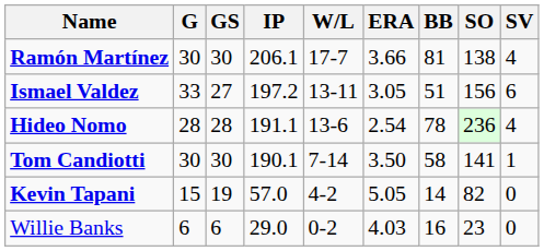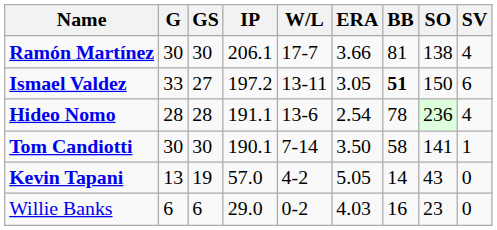 <table class="wikitable sortable" style="text-align:left">
 <tr>
 <th>Name</th>
 <th>G</th>
 <th>GS</th>
 <th>IP</th>
 <th>W/L</th>
 <th>ERA</th>
 <th>BB</th>
 <th>SO</th>
 <th>SV</th>
 </tr>
 <tr>
 <td><strong><a href='#'>Ramón Martínez</a>	</strong></td>
 <td>30</td>
 <td>30</td>
 <td>206.1</td>
 <td>17-7</td>
 <td>3.66</td>
 <td>81</td>
 <td>138</td>
 <td>4</td>
 </tr>
 <tr>
 <td><strong><a href='#'>Ismael Valdez</a>	</strong></td>
 <td>33</td>
 <td>27</td>
 <td>197.2</td>
 <td>13-11</td>
 <td>3.05</td>
-<td>51</td>
-<td>156</td>
+<td><strong>51</strong></td>
+<td>150</td>
 <td>6</td>
 </tr>
 <tr>
 <td><strong><a href='#'>Hideo Nomo</a>	</strong></td>
 <td>28</td>
 <td>28</td>
 <td>191.1</td>
 <td>13-6</td>
 <td>2.54</td>
 <td>78</td>
 <td style="background:#DDFFDD;">236</td>
 <td>4</td>
 </tr>
 <tr>
 <td><strong><a href='#'>Tom Candiotti</a>	</strong></td>
 <td>30</td>
 <td>30</td>
 <td>190.1</td>
 <td>7-14</td>
 <td>3.50</td>
 <td>58</td>
 <td>141</td>
 <td>1</td>
 </tr>
 <tr>
 <td><strong><a href='#'>Kevin Tapani</a></strong></td>
-<td>15</td>
+<td>13</td>
 <td>19</td>
 <td>57.0</td>
 <td>4-2</td>
 <td>5.05</td>
 <td>14</td>
-<td>82</td>
+<td>43</td>
 <td>0</td>
 </tr>
 <tr>
 <td><a href='#'>Willie Banks</a></td>
 <td>6</td>
 <td>6</td>
 <td>29.0</td>
 <td>0-2</td>
 <td>4.03</td>
 <td>16</td>
 <td>23</td>
 <td>0</td>
 </tr>
 </table>
